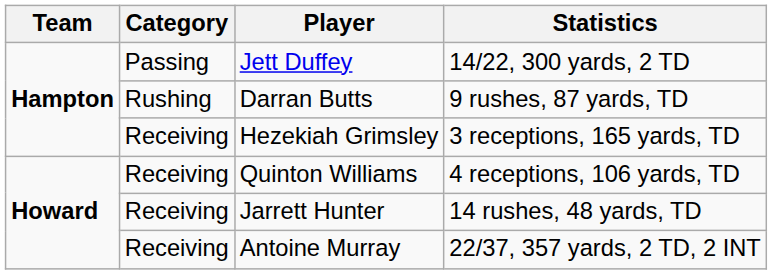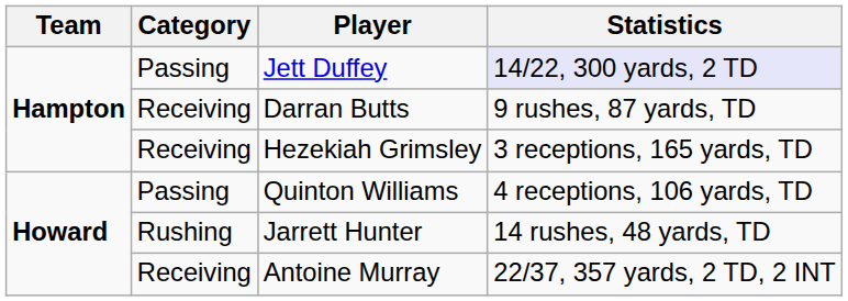 <table class="wikitable" style="float: right;">
 <tr>
 <th>Team</th>
 <th>Category</th>
 <th>Player</th>
 <th>Statistics</th>
 </tr>
 <tr>
 <td rowspan=3><strong>Hampton</strong></td>
 <td>Passing</td>
 <td><a href='#'>Jett Duffey</a></td>
-<td>14/22, 300 yards, 2 TD</td>
+<td style="background: lavender;">14/22, 300 yards, 2 TD</td>
 </tr>
 <tr>
-<td>Rushing</td>
+<td>Receiving</td>
 <td>Darran Butts</td>
 <td>9 rushes, 87 yards, TD</td>
 </tr>
 <tr>
 <td>Receiving</td>
 <td>Hezekiah Grimsley</td>
 <td>3 receptions, 165 yards, TD</td>
 </tr>
 <tr>
 <td rowspan=3><strong>Howard</strong></td>
-<td>Receiving</td>
+<td>Passing</td>
 <td>Quinton Williams</td>
 <td>4 receptions, 106 yards, TD</td>
 </tr>
 <tr>
-<td>Receiving</td>
+<td>Rushing</td>
 <td>Jarrett Hunter</td>
 <td>14 rushes, 48 yards, TD</td>
 </tr>
 <tr>
 <td>Receiving</td>
 <td>Antoine Murray</td>
 <td>22/37, 357 yards, 2 TD, 2 INT</td>
 </tr>
 </table>
